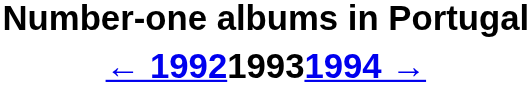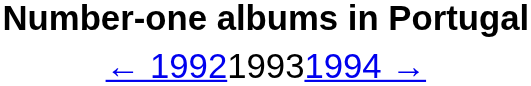 <table class="toc" id="toc" summary="Contents">
 <tr>
 <th>Number-one albums in Portugal</th>
 </tr>
 <tr>
-<td align="center"><strong><a href='#'>← 1992</a>1993<a href='#'>1994 →</a></strong></td>
+<td align="center"><a href='#'>← 1992</a>1993<a href='#'>1994 →</a></td>
 </tr>
 </table>
